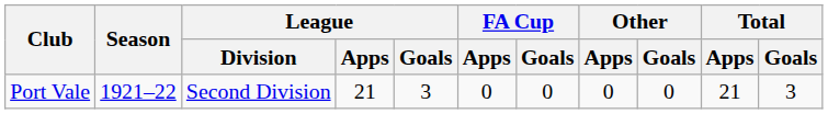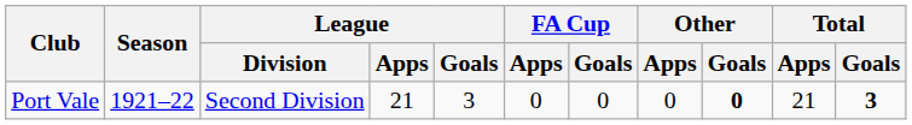 <table class="wikitable" style="text-align:center">
 <tr>
 <th rowspan="2">Club</th>
 <th rowspan="2">Season</th>
 <th colspan="3">League</th>
 <th colspan="2"><a href='#'>FA Cup</a></th>
 <th colspan="2">Other</th>
 <th colspan="2">Total</th>
 </tr>
 <tr>
 <th>Division</th>
 <th>Apps</th>
 <th>Goals</th>
 <th>Apps</th>
 <th>Goals</th>
 <th>Apps</th>
 <th>Goals</th>
 <th>Apps</th>
 <th>Goals</th>
 </tr>
 <tr>
 <td><a href='#'>Port Vale</a></td>
 <td><a href='#'>1921–22</a></td>
 <td><a href='#'>Second Division</a></td>
 <td>21</td>
 <td>3</td>
 <td>0</td>
 <td>0</td>
 <td>0</td>
-<td>0</td>
+<td><strong>0</strong></td>
 <td>21</td>
-<td>3</td>
+<td><strong>3</strong></td>
 </tr>
 </table>
